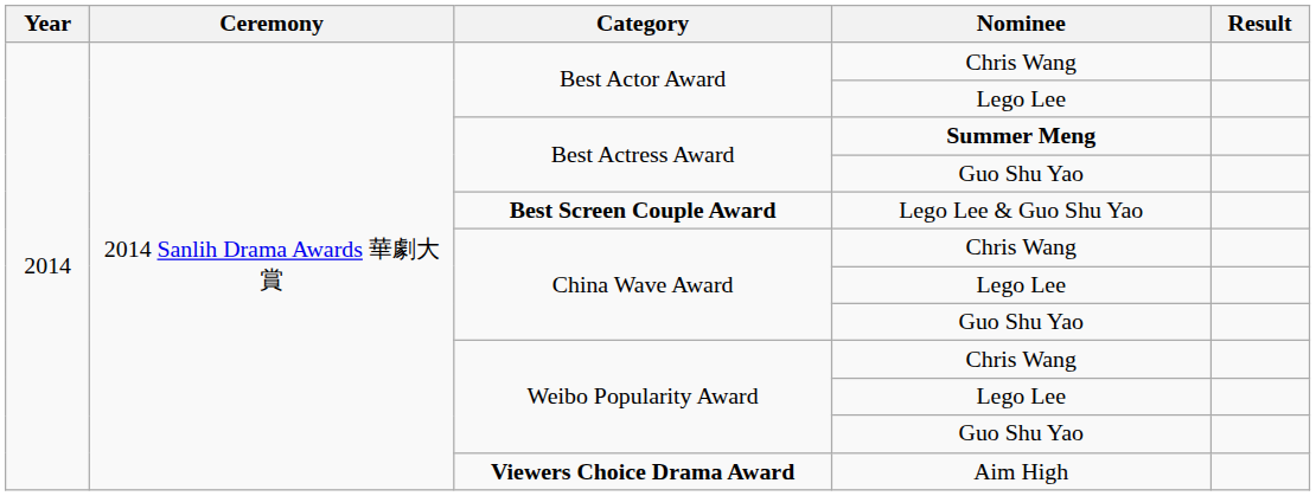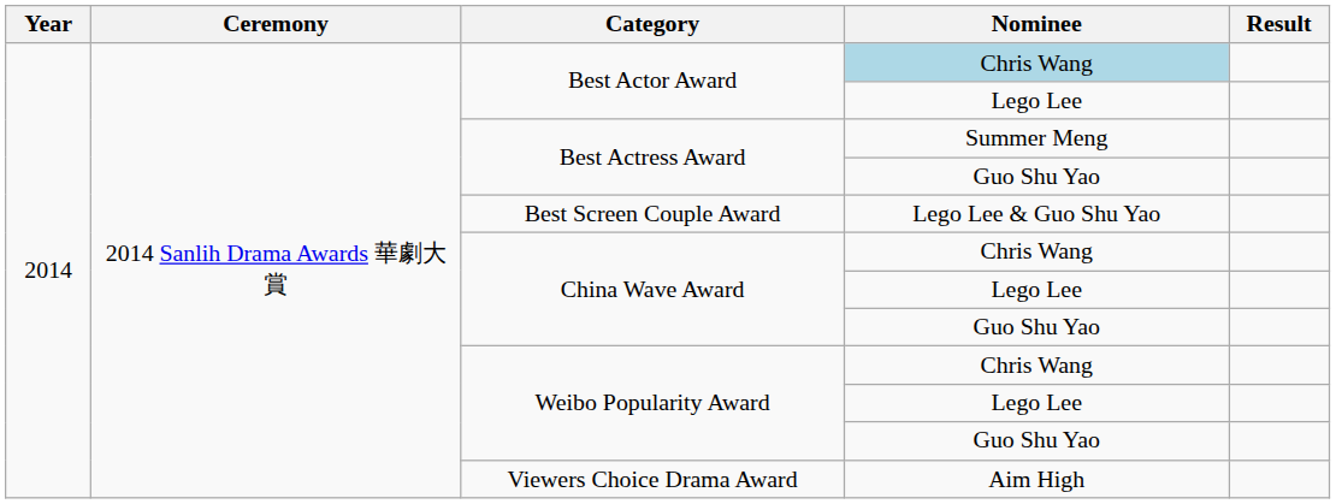 <table class="wikitable">
 <tr>
 <th style="width:50px;">Year</th>
 <th style="width:240px;">Ceremony</th>
 <th style="width:250px;">Category</th>
 <th style="width:250px;">Nominee</th>
 <th style="width:60px;">Result</th>
 </tr>
 <tr>
 <td align="center" rowspan=12>2014</td>
 <td align="center" rowspan=12>2014 <a href='#'>Sanlih Drama Awards</a> 華劇大賞<br></td>
 <td rowspan=2 align="center">Best Actor Award</td>
-<td align="center">Chris Wang</td>
+<td align="center" style="background: lightblue;">Chris Wang</td>
 <td></td>
 </tr>
 <tr>
 <td align="center">Lego Lee</td>
 <td></td>
 </tr>
 <tr>
 <td rowspan=2 align="center">Best Actress Award</td>
-<td align="center"><strong>Summer Meng</strong></td>
+<td align="center">Summer Meng</td>
 <td></td>
 </tr>
 <tr>
 <td align="center">Guo Shu Yao</td>
 <td></td>
 </tr>
 <tr>
-<td align="center"><strong>Best Screen Couple Award</strong></td>
+<td align="center">Best Screen Couple Award</td>
 <td align="center">Lego Lee & Guo Shu Yao</td>
 <td></td>
 </tr>
 <tr>
 <td rowspan=3 align="center">China Wave Award</td>
 <td align="center">Chris Wang</td>
 <td></td>
 </tr>
 <tr>
 <td align="center">Lego Lee</td>
 <td></td>
 </tr>
 <tr>
 <td align="center">Guo Shu Yao</td>
 <td></td>
 </tr>
 <tr>
 <td rowspan=3 align="center">Weibo Popularity Award</td>
 <td align="center">Chris Wang</td>
 <td></td>
 </tr>
 <tr>
 <td align="center">Lego Lee</td>
 <td></td>
 </tr>
 <tr>
 <td align="center">Guo Shu Yao</td>
 <td></td>
 </tr>
 <tr>
-<td align="center"><strong>Viewers Choice Drama Award</strong></td>
+<td align="center">Viewers Choice Drama Award</td>
 <td align="center">Aim High</td>
 <td></td>
 </tr>
 </table>
